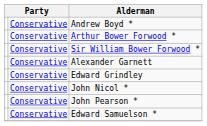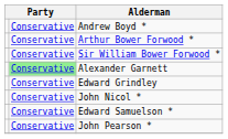 <table class="wikitable">
 <tr>
 <th colspan="2">Party</th>
 <th>Alderman</th>
 </tr>
 <tr>
 <td style="background-color:"></td>
 <td><a href='#'>Conservative</a></td>
 <td>Andrew Boyd *</td>
 </tr>
 <tr>
 <td style="background-color:"></td>
 <td><a href='#'>Conservative</a></td>
 <td><a href='#'>Arthur Bower Forwood</a> *</td>
 </tr>
 <tr>
 <td style="background-color:"></td>
 <td><a href='#'>Conservative</a></td>
 <td><a href='#'>Sir William Bower Forwood</a> *</td>
 </tr>
 <tr>
 <td style="background-color:"></td>
-<td><a href='#'>Conservative</a></td>
+<td style="background: lightgreen;"><a href='#'>Conservative</a></td>
 <td>Alexander Garnett</td>
 </tr>
 <tr>
 <td style="background-color:"></td>
 <td><a href='#'>Conservative</a></td>
 <td>Edward Grindley</td>
 </tr>
 <tr>
 <td style="background-color:"></td>
 <td><a href='#'>Conservative</a></td>
 <td>John Nicol *</td>
 </tr>
 <tr>
 <td style="background-color:"></td>
 <td><a href='#'>Conservative</a></td>
-<td>John Pearson *</td>
+<td>Edward Samuelson *</td>
 </tr>
 <tr>
 <td style="background-color:"></td>
 <td><a href='#'>Conservative</a></td>
-<td>Edward Samuelson *</td>
+<td>John Pearson *</td>
 </tr>
 <tr>
 </tr>
 </table>
